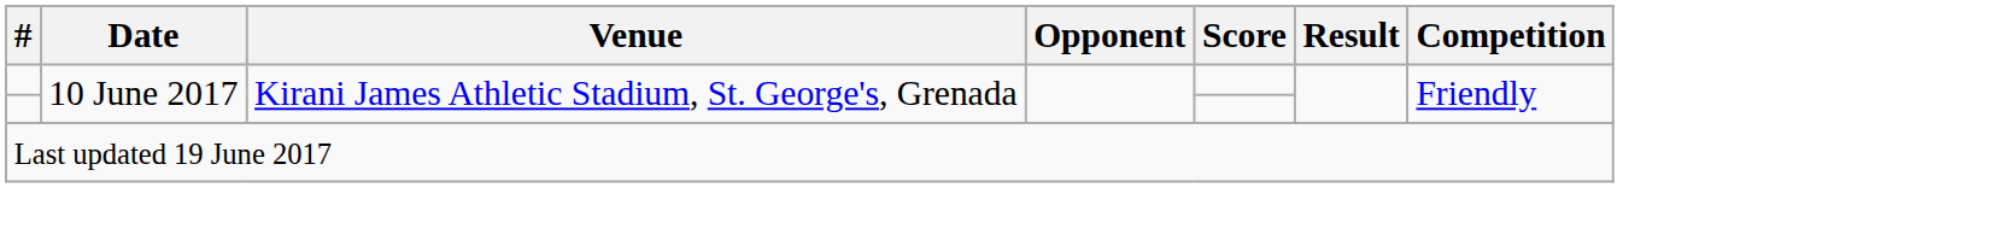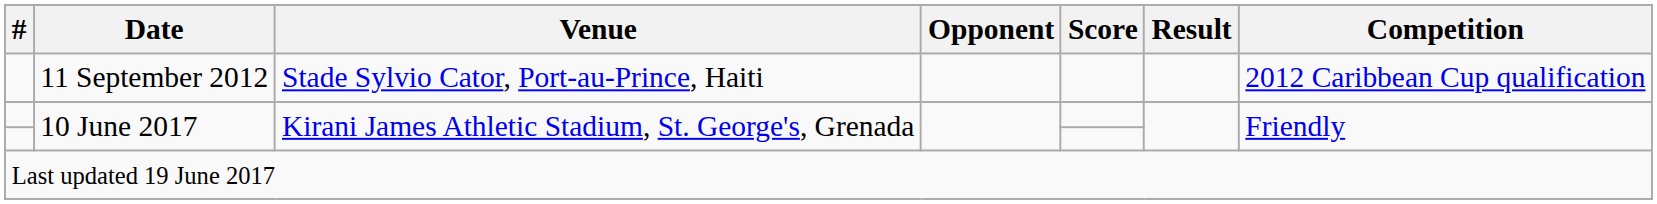 <table class="wikitable" style="font-size:95%">
 <tr>
 <th>#</th>
 <th>Date</th>
 <th>Venue</th>
 <th>Opponent</th>
 <th>Score</th>
 <th>Result</th>
 <th>Competition</th>
+</tr>
+<tr>
+<td></td>
+<td>11 September 2012</td>
+<td><a href='#'>Stade Sylvio Cator</a>, <a href='#'>Port-au-Prince</a>, Haiti</td>
+<td></td>
+<td></td>
+<td></td>
+<td><a href='#'>2012 Caribbean Cup qualification</a></td>
 </tr>
 <tr>
 <td></td>
 <td rowspan=2>10 June 2017</td>
 <td rowspan=2><a href='#'>Kirani James Athletic Stadium</a>, <a href='#'>St. George's</a>, Grenada</td>
 <td rowspan=2></td>
 <td></td>
 <td rowspan=2></td>
 <td rowspan=2><a href='#'>Friendly</a></td>
 </tr>
 <tr>
 <td></td>
 <td></td>
 </tr>
 <tr>
 <td colspan="7"><small>Last updated 19 June 2017</small></td>
 </tr>
 </table>
